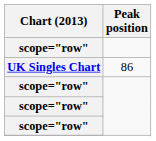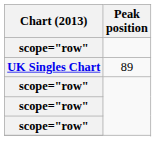 <table class="wikitable plainrowheaders sortable">
 <tr>
 <th scope="col">Chart (2013)</th>
 <th scope="col">Peak<br>position</th>
 </tr>
 <tr>
 <th>scope="row" </th>
 </tr>
 <tr>
 <th scope="row"><a href='#'>UK Singles Chart</a></th>
-<td style="text-align:center;">86</td>
+<td style="text-align:center;">89</td>
 </tr>
 <tr>
 <th>scope="row" </th>
 </tr>
 <tr>
 <th>scope="row" </th>
 </tr>
 <tr>
 <th>scope="row" </th>
 </tr>
 <tr>
 </tr>
 </table>
